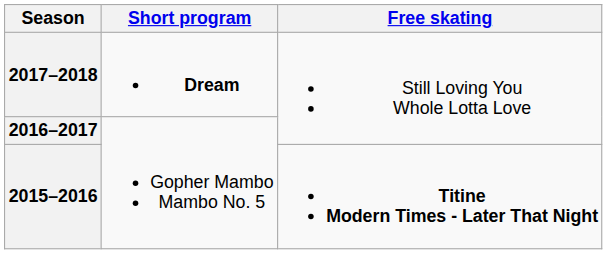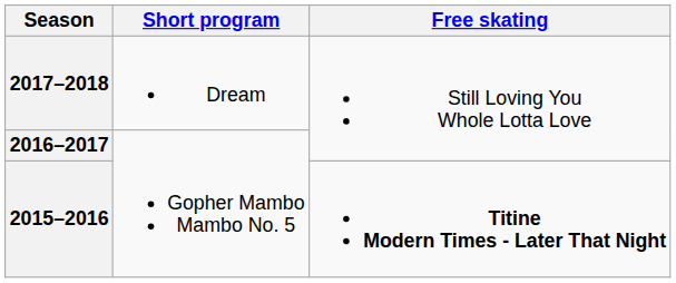 <table class=wikitable style=text-align:center>
 <tr>
 <th>Season</th>
 <th><a href='#'>Short program</a></th>
 <th><a href='#'>Free skating</a></th>
 </tr>
 <tr>
 <th>2017–2018 <br> </th>
-<td><strong><br><ul><li>Dream <br></li></ul></strong></td>
+<td><br><ul><li>Dream <br></li></ul></td>
 <td rowspan=2><br><ul><li>Still Loving You <br></li><li>Whole Lotta Love <br></li></ul></td>
 </tr>
 <tr>
 <th>2016–2017 <br> </th>
 <td rowspan=2><br><ul><li>Gopher Mambo <br></li><li>Mambo No. 5 <br></li></ul></td>
 </tr>
 <tr>
 <th>2015–2016 <br> </th>
 <td><strong><br><ul><li>Titine <br></li><li>Modern Times - Later That Night <br></li></ul></strong></td>
 </tr>
 </table>
